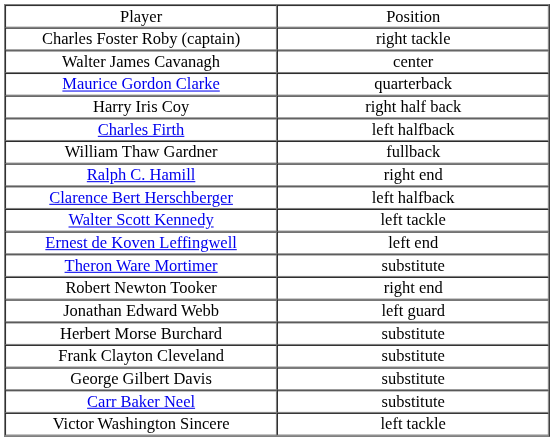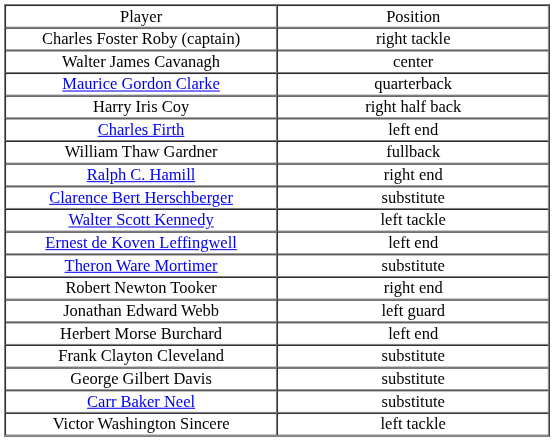 <table cellpadding="1" border="1" cellspacing="0" width="60%" style="text-align:center;">
 <tr>
 <td>Player</td>
 <td>Position</td>
 </tr>
 <tr align="center" bgcolor="">
 <td>Charles Foster Roby (captain)</td>
 <td>right tackle</td>
 </tr>
 <tr align="center" bgcolor="">
 <td width="250">Walter James Cavanagh</td>
 <td width="250">center</td>
 </tr>
 <tr align="center" bgcolor="">
 <td><a href='#'>Maurice Gordon Clarke</a></td>
 <td>quarterback</td>
 </tr>
 <tr align="center" bgcolor="">
 <td>Harry Iris Coy</td>
 <td>right half back</td>
 </tr>
 <tr align="center" bgcolor="">
 <td><a href='#'>Charles Firth</a></td>
-<td>left halfback</td>
+<td>left end</td>
 </tr>
 <tr align="center" bgcolor="">
 <td>William Thaw Gardner</td>
 <td>fullback</td>
 </tr>
 <tr align="center" bgcolor="">
 <td><a href='#'>Ralph C. Hamill</a></td>
 <td>right end</td>
 </tr>
 <tr align="center" bgcolor="">
 <td><a href='#'>Clarence Bert Herschberger</a></td>
-<td>left halfback</td>
+<td>substitute</td>
 </tr>
 <tr align="center" bgcolor="">
 <td><a href='#'>Walter Scott Kennedy</a></td>
 <td>left tackle</td>
 </tr>
 <tr align="center" bgcolor="">
 <td><a href='#'>Ernest de Koven Leffingwell</a></td>
 <td>left end</td>
 </tr>
 <tr align="center" bgcolor="">
 <td><a href='#'>Theron Ware Mortimer</a></td>
 <td>substitute</td>
 </tr>
 <tr align="center" bgcolor="">
 <td>Robert Newton Tooker</td>
 <td>right end</td>
 </tr>
 <tr align="center" bgcolor="">
 <td>Jonathan Edward Webb</td>
 <td>left guard</td>
 </tr>
 <tr align="center" bgcolor="">
 <td>Herbert Morse Burchard</td>
-<td>substitute</td>
+<td>left end</td>
 </tr>
 <tr align="center" bgcolor="">
 <td>Frank Clayton Cleveland</td>
 <td>substitute</td>
 </tr>
 <tr align="center" bgcolor="">
 <td>George Gilbert Davis</td>
 <td>substitute</td>
 </tr>
 <tr align="center" bgcolor="">
 <td><a href='#'>Carr Baker Neel</a></td>
 <td>substitute</td>
 </tr>
 <tr align="center" bgcolor="">
 <td>Victor Washington Sincere</td>
 <td>left tackle</td>
 </tr>
 <tr align="center" bgcolor="">
 </tr>
 </table>
